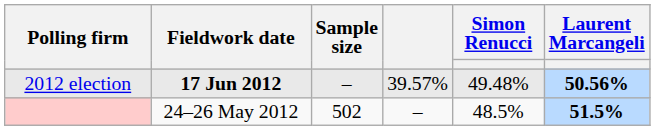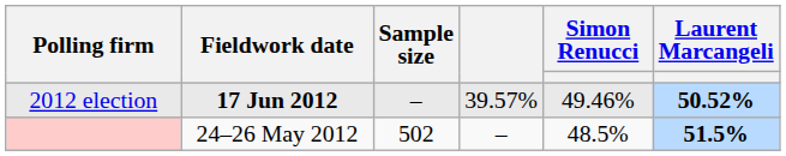 <table class="wikitable sortable" style="text-align:center;font-size:90%;line-height:14px;">
 <tr style="height:40px;">
 <th style="width:100px;" rowspan="2">Polling firm</th>
 <th style="width:110px;" rowspan="2">Fieldwork date</th>
 <th style="width:35px;" rowspan="2">Sample<br>size</th>
 <th style="width:30px;" rowspan="2"></th>
 <th class="unsortable" style="width:60px;"><a href='#'>Simon Renucci</a><br></th>
 <th class="unsortable" style="width:60px;"><a href='#'>Laurent Marcangeli</a><br></th>
 </tr>
 <tr>
 <th style="background:"></th>
 <th style="background:"></th>
 </tr>
 <tr style="background:#E9E9E9;">
 <td><a href='#'>2012 election</a></td>
 <td data-sort-value="2012-06-17"><strong>17 Jun 2012</strong></td>
 <td>–</td>
 <td>39.57%</td>
-<td>49.48%</td>
-<td style="background:#B9DAFF;"><strong>50.56%</strong></td>
+<td>49.46%</td>
+<td style="background:#B9DAFF;"><strong>50.52%</strong></td>
 </tr>
 <tr>
 <td style="background:#FFCCCC;"></td>
 <td data-sort-value="2012-05-26">24–26 May 2012</td>
 <td>502</td>
 <td>–</td>
 <td>48.5%</td>
 <td style="background:#B9DAFF;"><strong>51.5%</strong></td>
 </tr>
 </table>
